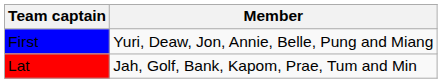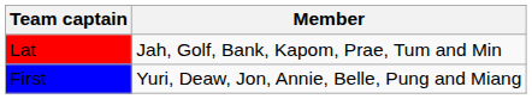 <table class="wikitable">
 <tr>
 <th>Team captain</th>
 <th>Member</th>
 </tr>
 <tr>
+<td style="background:red"><span>Lat</span></td>
+<td>Jah, Golf, Bank, Kapom, Prae, Tum and Min</td>
+</tr>
+<tr>
 <td style="background:#0000FF"><span>First</span></td>
 <td>Yuri, Deaw, Jon, Annie, Belle, Pung and Miang</td>
 </tr>
-<tr>
-<td style="background:red"><span>Lat</span></td>
-<td>Jah, Golf, Bank, Kapom, Prae, Tum and Min</td>
-</tr>
 </table>
